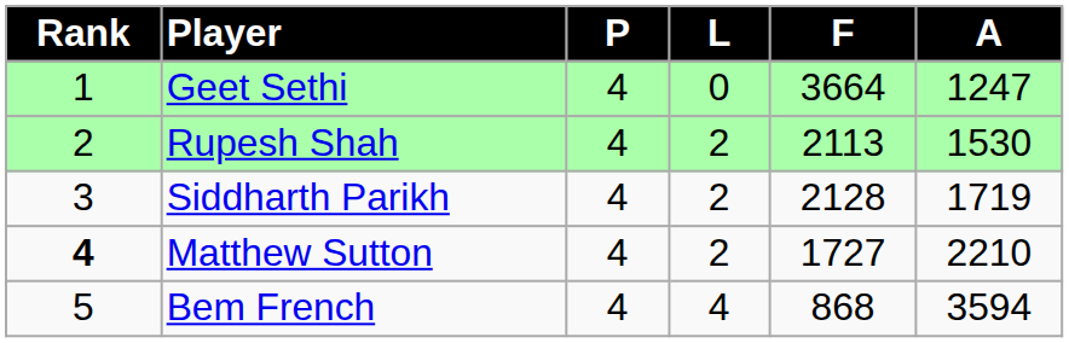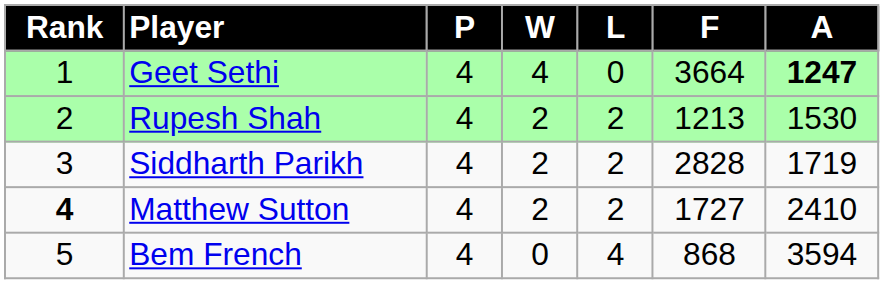 <table border="2" cellpadding="2" cellspacing="0" style="margin: 0; background: #f9f9f9; border: 1px #aaa solid; border-collapse: collapse; font-size: 100%;" width=50%>
 <tr>
 <th bgcolor="000000" style="color:white; text-align:center" width=5%>Rank</th>
 <th bgcolor="000000" style="color:white; text-align:left" width=20%>Player</th>
 <th bgcolor="000000" style="color:white; text-align:center" width=5%>P</th>
+<th bgcolor="000000" style="color:white; text-align:center" width=5%>W</th>
 <th bgcolor="000000" style="color:white; text-align:center" width=5%>L</th>
 <th bgcolor="000000" style="color:white; text-align:center" width=5%>F</th>
 <th bgcolor="000000" style="color:white; text-align:center" width=5%>A</th>
 </tr>
 <tr>
 <td style="text-align:center; background:#aaffaa">1</td>
 <td style="text-align:left; background:#aaffaa"> <a href='#'>Geet Sethi</a></td>
 <td style="text-align:center; background:#aaffaa">4</td>
+<td style="text-align:center; background:#aaffaa">4</td>
 <td style="text-align:center; background:#aaffaa">0</td>
 <td style="text-align:center; background:#aaffaa">3664</td>
-<td style="text-align:center; background:#aaffaa">1247</td>
+<td style="text-align:center; background:#aaffaa"><strong>1247</strong></td>
 </tr>
 <tr>
 <td style="text-align:center; background:#aaffaa">2</td>
 <td style="text-align:left; background:#aaffaa"> <a href='#'>Rupesh Shah</a></td>
 <td style="text-align:center; background:#aaffaa">4</td>
 <td style="text-align:center; background:#aaffaa">2</td>
-<td style="text-align:center; background:#aaffaa">2113</td>
+<td style="text-align:center; background:#aaffaa">2</td>
+<td style="text-align:center; background:#aaffaa">1213</td>
 <td style="text-align:center; background:#aaffaa">1530</td>
 </tr>
 <tr>
 <td style="text-align:center">3</td>
 <td style="text-align:left;"> <a href='#'>Siddharth Parikh</a></td>
 <td style="text-align:center;">4</td>
 <td style="text-align:center;">2</td>
-<td style="text-align:center;">2128</td>
+<td style="text-align:center;">2</td>
+<td style="text-align:center;">2828</td>
 <td style="text-align:center;">1719</td>
 </tr>
 <tr>
 <td style="text-align:center"><strong>4</strong></td>
 <td style="text-align:left;"> <a href='#'>Matthew Sutton</a></td>
 <td style="text-align:center;">4</td>
 <td style="text-align:center;">2</td>
+<td style="text-align:center;">2</td>
 <td style="text-align:center;">1727</td>
-<td style="text-align:center;">2210</td>
+<td style="text-align:center;">2410</td>
 </tr>
 <tr>
 <td style="text-align:center">5</td>
 <td style="text-align:left;"> <a href='#'>Bem French</a></td>
 <td style="text-align:center;">4</td>
+<td style="text-align:center;">0</td>
 <td style="text-align:center;">4</td>
 <td style="text-align:center;">868</td>
 <td style="text-align:center;">3594</td>
 </tr>
 </table>
